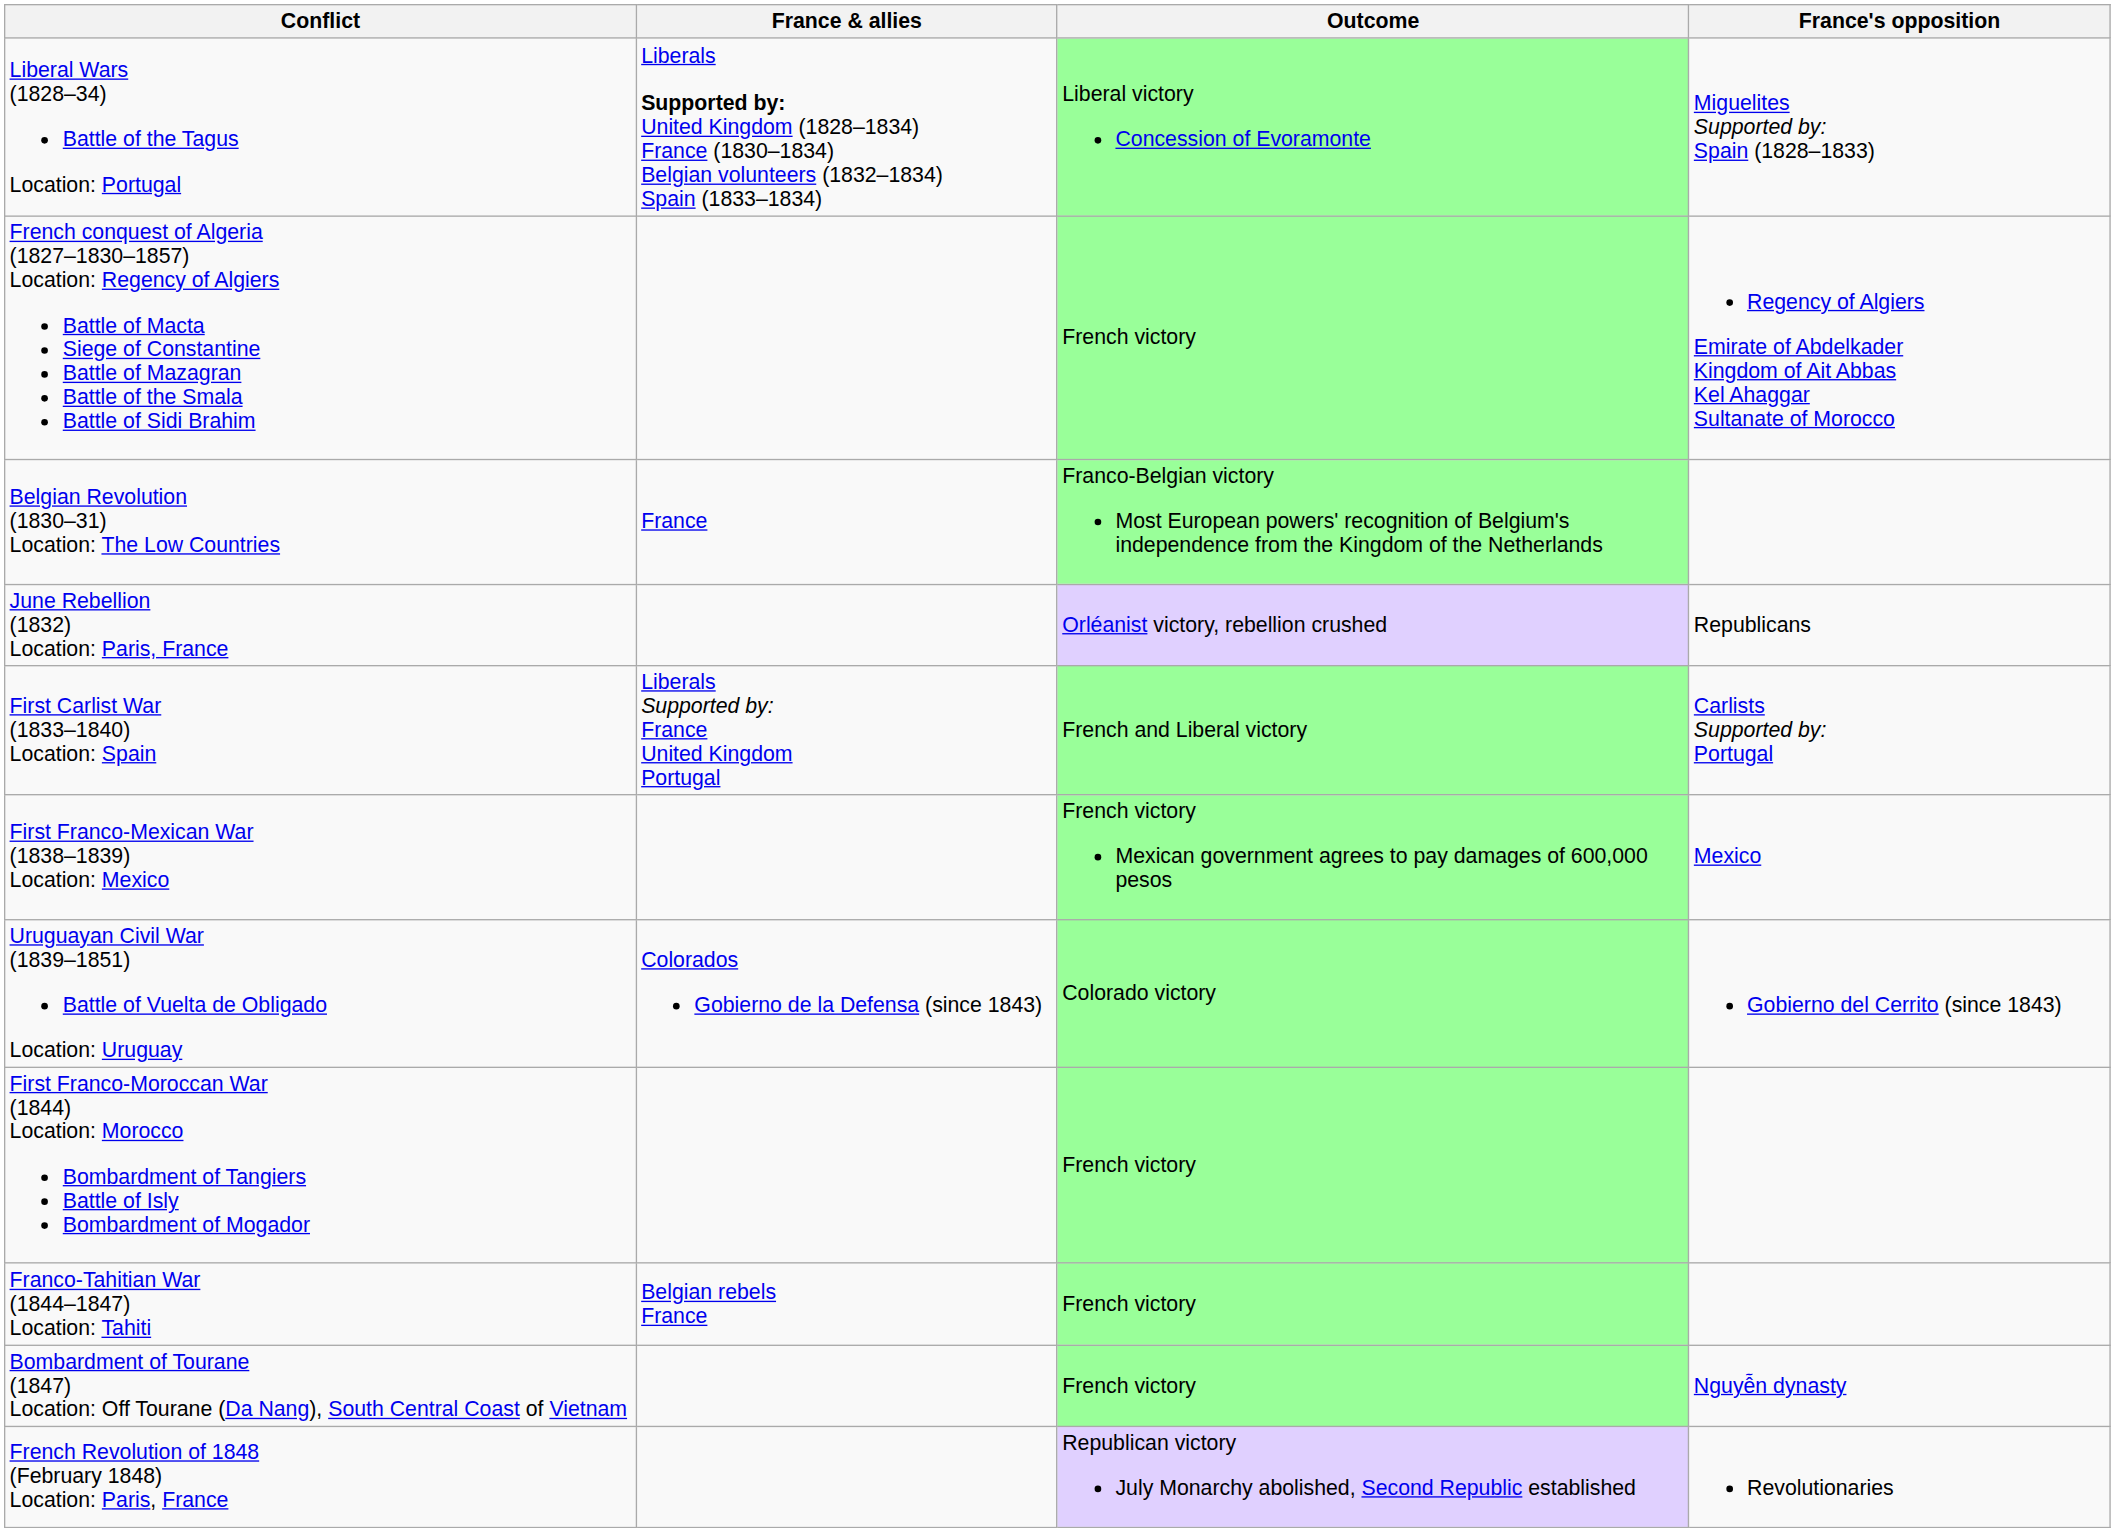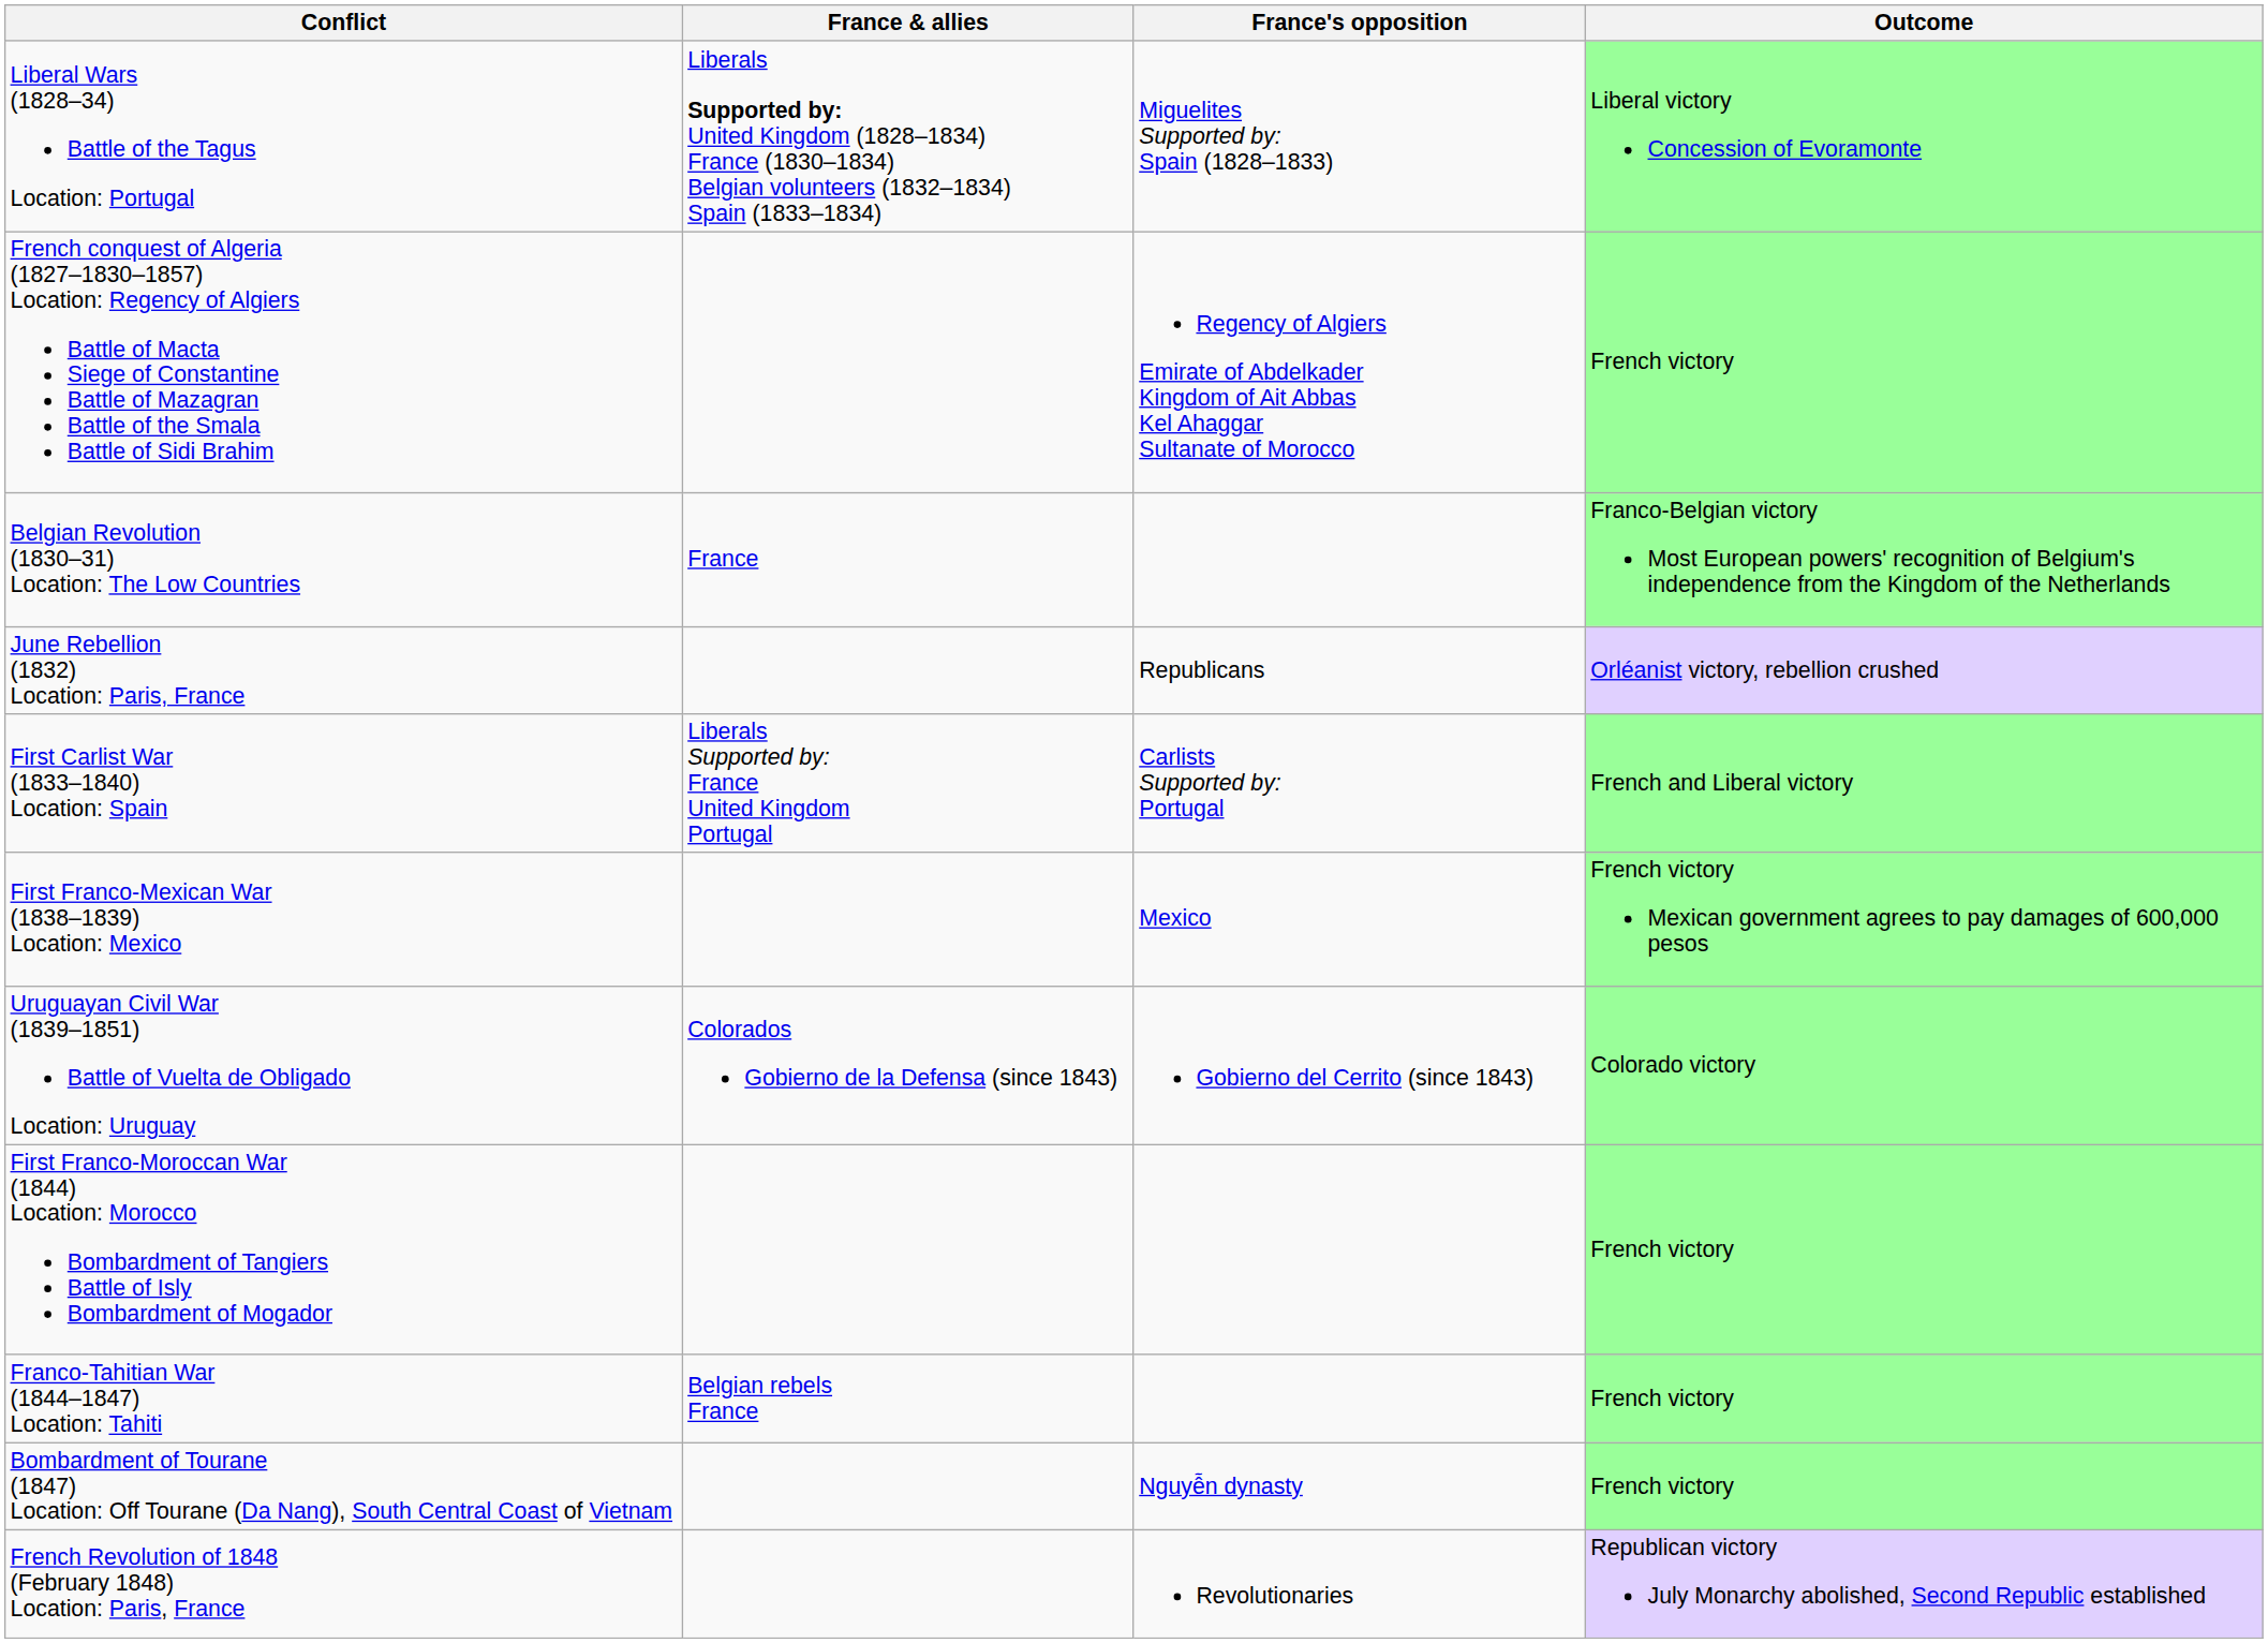 <table class="wikitable sortable" width="100%">
 <tr>
 <th width=30%>Conflict</th>
 <th width=20%>France & allies</th>
+<th width=20%>France's opposition</th>
 <th width=30%>Outcome</th>
-<th width=20%>France's opposition</th>
 </tr>
 <tr>
 <td><a href='#'>Liberal Wars</a><br>(1828–34)<br><ul><li><a href='#'>Battle of the Tagus</a></li></ul>Location: <a href='#'>Portugal</a></td>
 <td> <a href='#'>Liberals</a> <br><br><strong>Supported by:</strong> <br> <a href='#'>United Kingdom</a> (1828–1834) <br> <a href='#'>France</a> (1830–1834) <br> <a href='#'>Belgian volunteers</a> (1832–1834) <br> <a href='#'>Spain</a> (1833–1834)</td>
+<td> <a href='#'>Miguelites</a><br><em>Supported by:</em> <br> <a href='#'>Spain</a> (1828–1833)</td>
 <td style="background:#99ff99">Liberal victory<br><ul><li><a href='#'>Concession of Evoramonte</a></li></ul></td>
-<td> <a href='#'>Miguelites</a><br><em>Supported by:</em> <br> <a href='#'>Spain</a> (1828–1833)</td>
 </tr>
 <tr>
 <td><a href='#'>French conquest of Algeria</a><br>(1827–1830–1857)<br>Location: <a href='#'>Regency of Algiers</a><ul><li><a href='#'>Battle of Macta</a></li><li><a href='#'>Siege of Constantine</a></li><li><a href='#'>Battle of Mazagran</a></li><li><a href='#'>Battle of the Smala</a></li><li><a href='#'>Battle of Sidi Brahim</a></li></ul></td>
 <td></td>
+<td><br><ul><li><a href='#'>Regency of Algiers</a></li></ul> <a href='#'>Emirate of Abdelkader</a><br>  <a href='#'>Kingdom of Ait Abbas</a><br> <a href='#'>Kel Ahaggar</a><br> <a href='#'>Sultanate of Morocco</a></td>
 <td style="background:#99ff99">French victory</td>
-<td><br><ul><li><a href='#'>Regency of Algiers</a></li></ul> <a href='#'>Emirate of Abdelkader</a><br>  <a href='#'>Kingdom of Ait Abbas</a><br> <a href='#'>Kel Ahaggar</a><br> <a href='#'>Sultanate of Morocco</a></td>
 </tr>
 <tr>
 <td><a href='#'>Belgian Revolution</a><br>(1830–31)<br>Location: <a href='#'>The Low Countries</a></td>
 <td> <a href='#'>France</a></td>
+<td></td>
 <td style="background:#99ff99">Franco-Belgian victory<br><ul><li>Most European powers' recognition of Belgium's independence from the Kingdom of the Netherlands</li></ul></td>
-<td></td>
 </tr>
 <tr>
 <td><a href='#'>June Rebellion</a><br>(1832)<br>Location: <a href='#'>Paris, France</a></td>
 <td></td>
+<td> Republicans</td>
 <td style="background:#E0D0FF"><a href='#'>Orléanist</a> victory, rebellion crushed</td>
-<td> Republicans</td>
 </tr>
 <tr>
 <td><a href='#'>First Carlist War</a><br>(1833–1840)<br>Location: <a href='#'>Spain</a></td>
 <td> <a href='#'>Liberals</a><br><em>Supported by:</em><br> <a href='#'>France</a><br> <a href='#'>United Kingdom</a><br> <a href='#'>Portugal</a> </td>
+<td> <a href='#'>Carlists</a><br><em>Supported by:</em><br> <a href='#'>Portugal</a> </td>
 <td style="background:#99ff99">French and Liberal victory</td>
-<td> <a href='#'>Carlists</a><br><em>Supported by:</em><br> <a href='#'>Portugal</a> </td>
 </tr>
 <tr>
 <td><a href='#'>First Franco-Mexican War</a><br>(1838–1839)<br>Location: <a href='#'>Mexico</a></td>
 <td></td>
+<td> <a href='#'>Mexico</a></td>
 <td style="background:#99ff99">French victory<br><ul><li>Mexican government agrees to pay damages of 600,000 pesos</li></ul></td>
-<td> <a href='#'>Mexico</a></td>
 </tr>
 <tr>
 <td><a href='#'>Uruguayan Civil War</a><br>(1839–1851)<br><ul><li><a href='#'>Battle of Vuelta de Obligado</a></li></ul>Location: <a href='#'>Uruguay</a></td>
 <td> <a href='#'>Colorados</a><br><ul><li> <a href='#'>Gobierno de la Defensa</a> (since 1843)</li></ul></td>
+<td><br><ul><li> <a href='#'>Gobierno del Cerrito</a> (since 1843)</li></ul></td>
 <td style="background:#99ff99">Colorado victory</td>
-<td><br><ul><li> <a href='#'>Gobierno del Cerrito</a> (since 1843)</li></ul></td>
 </tr>
 <tr>
 <td><a href='#'>First Franco-Moroccan War</a><br>(1844)<br>Location: <a href='#'>Morocco</a><ul><li><a href='#'>Bombardment of Tangiers</a></li><li><a href='#'>Battle of Isly</a></li><li><a href='#'>Bombardment of Mogador</a></li></ul></td>
 <td></td>
+<td></td>
 <td style="background:#99ff99">French victory</td>
-<td></td>
 </tr>
 <tr>
 <td><a href='#'>Franco-Tahitian War</a><br>(1844–1847)<br>Location: <a href='#'>Tahiti</a></td>
 <td> <a href='#'>Belgian rebels</a> <br>  <a href='#'>France</a></td>
+<td></td>
 <td style="background:#99ff99">French victory</td>
-<td></td>
 </tr>
 <tr>
 <td><a href='#'>Bombardment of Tourane</a><br>(1847)<br>Location: Off Tourane (<a href='#'>Da Nang</a>), <a href='#'>South Central Coast</a> of <a href='#'>Vietnam</a></td>
 <td></td>
+<td><a href='#'>Nguyễn dynasty</a></td>
 <td style="background:#99ff99">French victory</td>
-<td><a href='#'>Nguyễn dynasty</a></td>
 </tr>
 <tr>
 <td><a href='#'>French Revolution of 1848</a><br>(February 1848)<br>Location: <a href='#'>Paris</a>, <a href='#'>France</a></td>
 <td></td>
+<td {{plainlist><br><ul><li> Revolutionaries</li></ul></td>
 <td style="background:#E0D0FF">Republican victory<br><ul><li>July Monarchy abolished, <a href='#'>Second Republic</a> established</li></ul></td>
-<td {{plainlist><br><ul><li> Revolutionaries</li></ul></td>
 </tr>
 </table>
